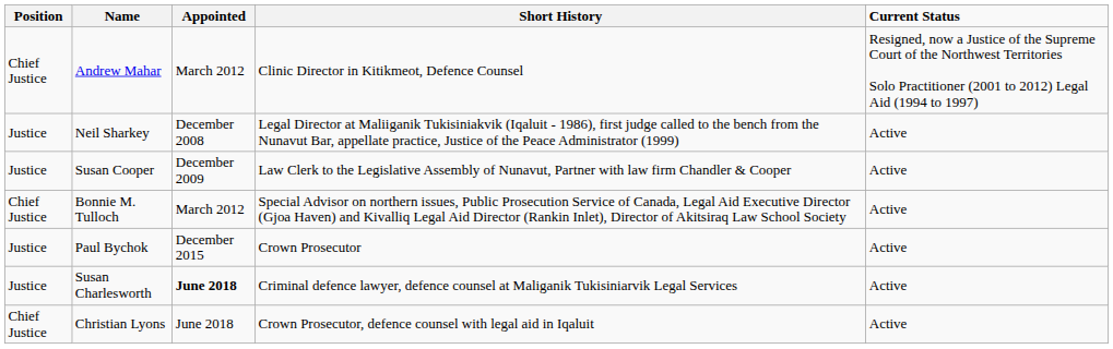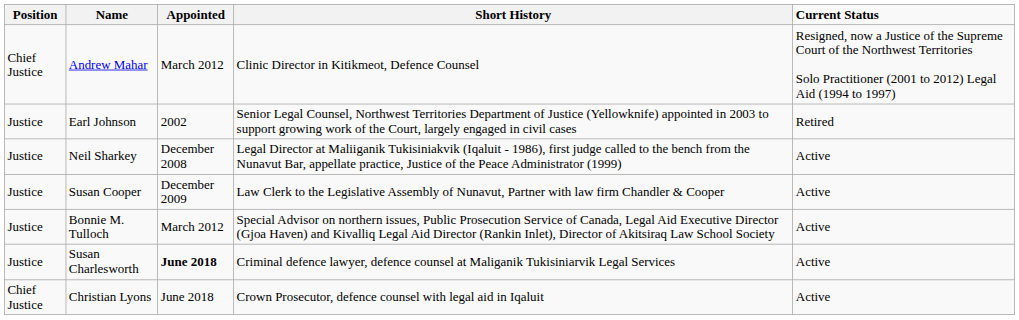 <table class="wikitable">
 <tr>
 <th>Position</th>
 <th>Name</th>
 <th>Appointed</th>
 <th>Short History</th>
 <td><strong>Current Status</strong></td>
 </tr>
 <tr>
 <td>Chief Justice</td>
 <td><a href='#'>Andrew Mahar</a></td>
 <td>March 2012</td>
 <td>Clinic Director in Kitikmeot, Defence Counsel</td>
 <td>Resigned, now a Justice of the Supreme Court of the Northwest Territories<br><br>Solo Practitioner (2001 to 2012) Legal Aid (1994 to 1997)</td>
 </tr>
 <tr>
 <td>Justice</td>
+<td>Earl Johnson</td>
+<td>2002</td>
+<td>Senior Legal Counsel, Northwest Territories Department of Justice (Yellowknife) appointed in 2003 to support growing work of the Court, largely engaged in civil cases</td>
+<td>Retired</td>
+</tr>
+<tr>
+<td>Justice</td>
 <td>Neil Sharkey </td>
 <td>December 2008</td>
 <td>Legal Director at Maliiganik Tukisiniakvik (Iqaluit - 1986), first judge called to the bench from the Nunavut Bar, appellate practice, Justice of the Peace Administrator (1999)</td>
 <td>Active</td>
 </tr>
 <tr>
 <td>Justice</td>
 <td>Susan Cooper</td>
 <td>December 2009</td>
 <td>Law Clerk to the Legislative Assembly of Nunavut, Partner with law firm Chandler & Cooper</td>
 <td>Active</td>
 </tr>
 <tr>
-<td>Chief Justice</td>
+<td>Justice</td>
 <td>Bonnie M. Tulloch</td>
 <td>March 2012</td>
 <td>Special Advisor on northern issues, Public Prosecution Service of Canada, Legal Aid Executive Director (Gjoa Haven) and Kivalliq Legal Aid Director (Rankin Inlet), Director of Akitsiraq Law School Society</td>
-<td>Active</td>
-</tr>
-<tr>
-<td>Justice</td>
-<td>Paul Bychok</td>
-<td>December 2015</td>
-<td>Crown Prosecutor</td>
 <td>Active</td>
 </tr>
 <tr>
 <td>Justice</td>
 <td>Susan Charlesworth</td>
 <td><strong>June 2018</strong></td>
 <td>Criminal defence lawyer, defence counsel at Maliganik Tukisiniarvik Legal Services</td>
 <td>Active</td>
 </tr>
 <tr>
 <td>Chief Justice</td>
 <td>Christian Lyons</td>
 <td>June 2018</td>
 <td>Crown Prosecutor, defence counsel with legal aid in Iqaluit</td>
 <td>Active</td>
 </tr>
 </table>
